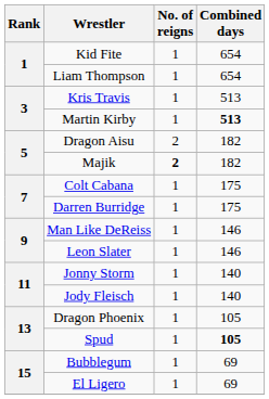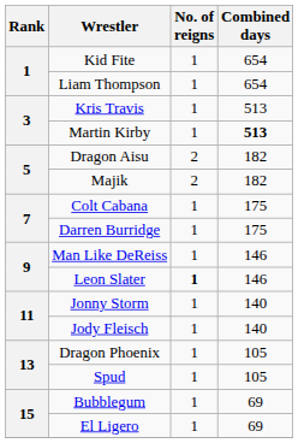 <table class="wikitable sortable" style="text-align:center">
 <tr>
 <th>Rank</th>
 <th>Wrestler</th>
 <th>No. of<br>reigns</th>
 <th data-sort-type="number">Combined<br>days</th>
 </tr>
 <tr>
 <th rowspan=2>1</th>
 <td>Kid Fite</td>
 <td>1</td>
 <td>654</td>
 </tr>
 <tr>
 <td>Liam Thompson</td>
 <td>1</td>
 <td>654</td>
 </tr>
 <tr>
 <th rowspan=2>3</th>
 <td><a href='#'>Kris Travis</a></td>
 <td>1</td>
 <td>513</td>
 </tr>
 <tr>
 <td>Martin Kirby</td>
 <td>1</td>
 <td><strong>513</strong></td>
 </tr>
 <tr>
 <th rowspan=2>5</th>
 <td>Dragon Aisu</td>
 <td>2</td>
 <td>182</td>
 </tr>
 <tr>
 <td>Majik</td>
-<td><strong>2</strong></td>
+<td>2</td>
 <td>182</td>
 </tr>
 <tr>
 <th rowspan=2>7</th>
 <td><a href='#'>Colt Cabana</a></td>
 <td>1</td>
 <td>175</td>
 </tr>
 <tr>
 <td><a href='#'>Darren Burridge</a></td>
 <td>1</td>
 <td>175</td>
 </tr>
 <tr>
 <th rowspan=2>9</th>
 <td><a href='#'>Man Like DeReiss</a></td>
 <td>1</td>
 <td>146</td>
 </tr>
 <tr>
 <td><a href='#'>Leon Slater</a></td>
-<td>1</td>
+<td><strong>1</strong></td>
 <td>146</td>
 </tr>
 <tr>
 <th rowspan=2>11</th>
 <td><a href='#'>Jonny Storm</a></td>
 <td>1</td>
 <td>140</td>
 </tr>
 <tr>
 <td><a href='#'>Jody Fleisch</a></td>
 <td>1</td>
 <td>140</td>
 </tr>
 <tr>
 <th rowspan=2>13</th>
 <td>Dragon Phoenix</td>
 <td>1</td>
 <td>105</td>
 </tr>
 <tr>
 <td><a href='#'>Spud</a></td>
 <td>1</td>
-<td><strong>105</strong></td>
+<td>105</td>
 </tr>
 <tr>
 <th rowspan=2>15</th>
 <td><a href='#'>Bubblegum</a></td>
 <td>1</td>
 <td>69</td>
 </tr>
 <tr>
 <td><a href='#'>El Ligero</a></td>
 <td>1</td>
 <td>69</td>
 </tr>
 <tr>
 </tr>
 </table>
